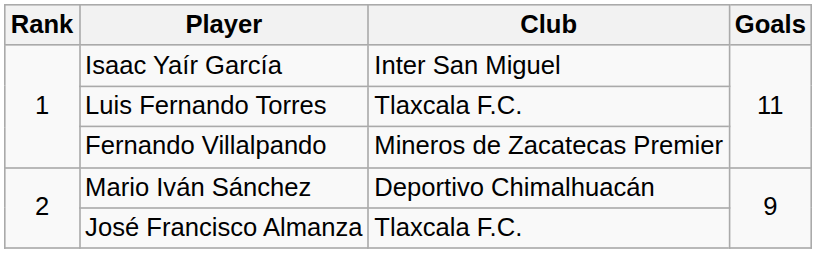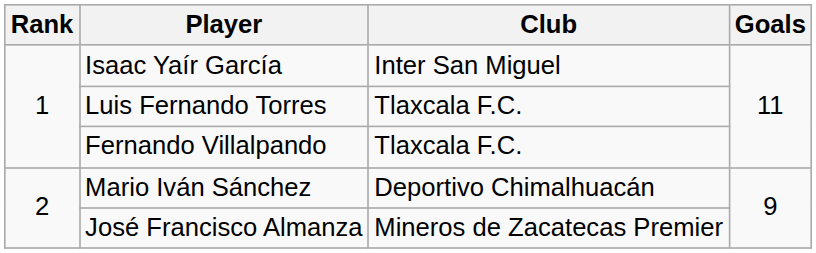 <table class="wikitable">
 <tr>
 <th>Rank</th>
 <th>Player</th>
 <th>Club</th>
 <th>Goals</th>
 </tr>
 <tr>
 <td align=center rowspan=3>1</td>
 <td> Isaac Yaír García</td>
 <td>Inter San Miguel</td>
 <td align=center rowspan=3>11</td>
 </tr>
 <tr>
 <td> Luis Fernando Torres</td>
 <td>Tlaxcala F.C.</td>
 </tr>
 <tr>
 <td> Fernando Villalpando</td>
-<td>Mineros de Zacatecas Premier</td>
+<td>Tlaxcala F.C.</td>
 </tr>
 <tr>
 <td align=center rowspan=2>2</td>
 <td>  Mario Iván Sánchez</td>
 <td>Deportivo Chimalhuacán</td>
 <td align=center rowspan=2>9</td>
 </tr>
 <tr>
 <td> José Francisco Almanza</td>
-<td>Tlaxcala F.C.</td>
+<td>Mineros de Zacatecas Premier</td>
 </tr>
 </table>
